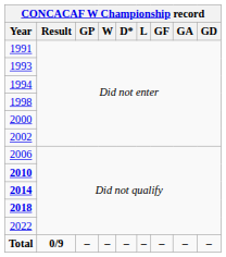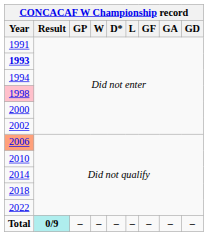 <table class="wikitable" style="text-align: center; width:50%;">
 <tr>
 <th colspan=10><a href='#'>CONCACAF W Championship</a> record</th>
 </tr>
 <tr>
 <th>Year</th>
 <th>Result</th>
 <th>GP</th>
 <th>W</th>
 <th>D*</th>
 <th>L</th>
 <th>GF</th>
 <th>GA</th>
 <th>GD</th>
 </tr>
 <tr>
 <td> <a href='#'>1991</a></td>
 <td colspan=8 rowspan=6><em>Did not enter</em></td>
 </tr>
 <tr>
-<td> <a href='#'>1993</a></td>
+<td><strong> <a href='#'>1993</a></strong></td>
 </tr>
 <tr>
 <td> <a href='#'>1994</a></td>
 </tr>
 <tr>
-<td> <a href='#'>1998</a></td>
+<td style="background: pink;"> <a href='#'>1998</a></td>
 </tr>
 <tr>
 <td> <a href='#'>2000</a></td>
 </tr>
 <tr>
 <td> <a href='#'>2002</a></td>
 </tr>
 <tr>
-<td> <a href='#'>2006</a></td>
+<td style="background: lightsalmon;"> <a href='#'>2006</a></td>
 <td colspan=8 rowspan=5><em>Did not qualify</em></td>
 </tr>
 <tr>
-<td><strong> <a href='#'>2010</a></strong></td>
+<td> <a href='#'>2010</a></td>
 </tr>
 <tr>
-<td><strong> <a href='#'>2014</a></strong></td>
+<td> <a href='#'>2014</a></td>
 </tr>
 <tr>
-<td><strong> <a href='#'>2018</a></strong></td>
+<td> <a href='#'>2018</a></td>
 </tr>
 <tr>
 <td> <a href='#'>2022</a></td>
 </tr>
 <tr>
 <td><strong>Total</strong></td>
-<td><strong>0/9</strong></td>
+<td style="background: paleturquoise;"><strong>0/9</strong></td>
 <td><strong>–</strong></td>
 <td><strong>–</strong></td>
 <td><strong>–</strong></td>
 <td><strong>–</strong></td>
 <td><strong>–</strong></td>
 <td><strong>–</strong></td>
 <td><strong>–</strong></td>
 </tr>
 </table>
